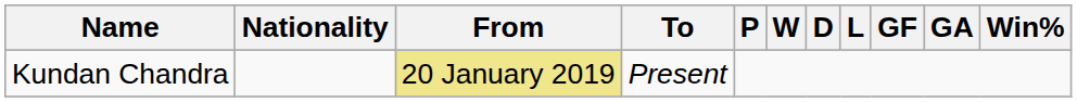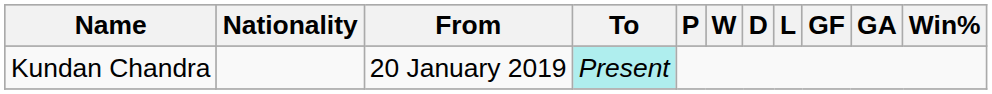 <table class="wikitable plainrowheaders sortable" style="text-align:center">
 <tr>
 <th>Name</th>
 <th>Nationality</th>
 <th>From</th>
 <th class="unsortable">To</th>
 <th>P</th>
 <th>W</th>
 <th>D</th>
 <th>L</th>
 <th>GF</th>
 <th>GA</th>
 <th>Win%</th>
 </tr>
 <tr>
 <td scope=row style=text-align:left>Kundan Chandra</td>
 <td align=left></td>
-<td align=left style="background: khaki;">20 January 2019</td>
-<td align=left><em>Present</em><br></td>
+<td align=left>20 January 2019</td>
+<td align=left style="background: paleturquoise;"><em>Present</em><br></td>
 </tr>
 </table>
